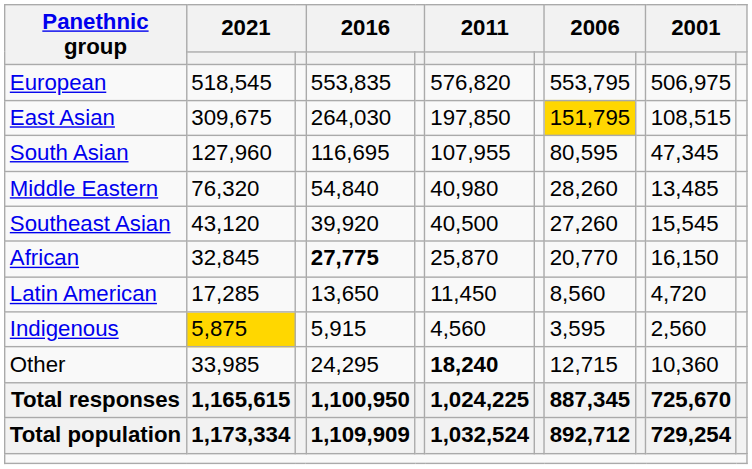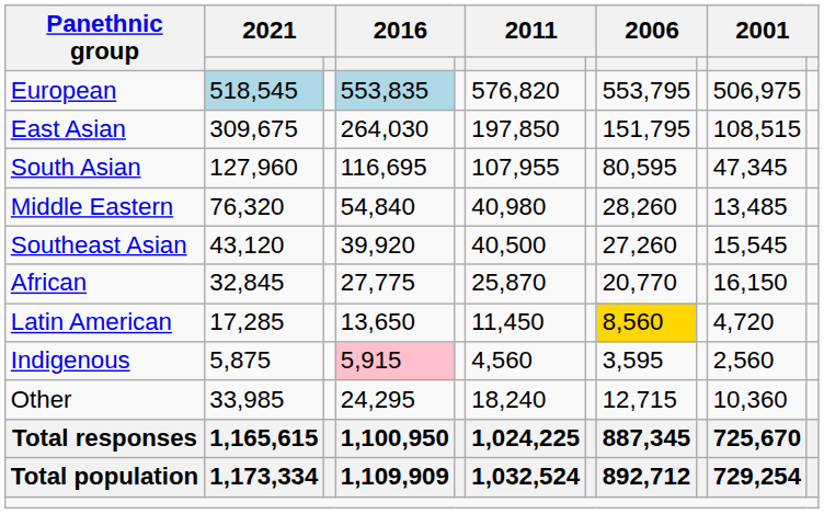 <table class="wikitable collapsible sortable">
 <tr>
 <th rowspan="2"><a href='#'>Panethnic</a><br>group</th>
 <th colspan="2">2021</th>
 <th colspan="2">2016</th>
 <th colspan="2">2011</th>
 <th colspan="2">2006</th>
 <th colspan="2">2001</th>
 </tr>
 <tr>
 <th><a href='#'></a></th>
 <th></th>
 <th></th>
 <th></th>
 <th></th>
 <th></th>
 <th></th>
 <th></th>
 <th></th>
 <th></th>
 </tr>
 <tr>
 <td><a href='#'>European</a></td>
-<td>518,545</td>
+<td style="background: lightblue;">518,545</td>
 <td></td>
-<td>553,835</td>
+<td style="background: lightblue;">553,835</td>
 <td></td>
 <td>576,820</td>
 <td></td>
 <td>553,795</td>
 <td></td>
 <td>506,975</td>
 <td></td>
 </tr>
 <tr>
 <td><a href='#'>East Asian</a></td>
 <td>309,675</td>
 <td></td>
 <td>264,030</td>
 <td></td>
 <td>197,850</td>
 <td></td>
-<td style="background: gold;">151,795</td>
+<td>151,795</td>
 <td></td>
 <td>108,515</td>
 <td></td>
 </tr>
 <tr>
 <td><a href='#'>South Asian</a></td>
 <td>127,960</td>
 <td></td>
 <td>116,695</td>
 <td></td>
 <td>107,955</td>
 <td></td>
 <td>80,595</td>
 <td></td>
 <td>47,345</td>
 <td></td>
 </tr>
 <tr>
 <td><a href='#'>Middle Eastern</a></td>
 <td>76,320</td>
 <td></td>
 <td>54,840</td>
 <td></td>
 <td>40,980</td>
 <td></td>
 <td>28,260</td>
 <td></td>
 <td>13,485</td>
 <td></td>
 </tr>
 <tr>
 <td><a href='#'>Southeast Asian</a></td>
 <td>43,120</td>
 <td></td>
 <td>39,920</td>
 <td></td>
 <td>40,500</td>
 <td></td>
 <td>27,260</td>
 <td></td>
 <td>15,545</td>
 <td></td>
 </tr>
 <tr>
 <td><a href='#'>African</a></td>
 <td>32,845</td>
 <td></td>
-<td><strong>27,775</strong></td>
+<td>27,775</td>
 <td></td>
 <td>25,870</td>
 <td></td>
 <td>20,770</td>
 <td></td>
 <td>16,150</td>
 <td></td>
 </tr>
 <tr>
 <td><a href='#'>Latin American</a></td>
 <td>17,285</td>
 <td></td>
 <td>13,650</td>
 <td></td>
 <td>11,450</td>
 <td></td>
-<td>8,560</td>
+<td style="background: gold;">8,560</td>
 <td></td>
 <td>4,720</td>
 <td></td>
 </tr>
 <tr>
 <td><a href='#'>Indigenous</a></td>
-<td style="background: gold;">5,875</td>
+<td>5,875</td>
 <td></td>
-<td>5,915</td>
+<td style="background: pink;">5,915</td>
 <td></td>
 <td>4,560</td>
 <td></td>
 <td>3,595</td>
 <td></td>
 <td>2,560</td>
 <td></td>
 </tr>
 <tr>
 <td>Other</td>
 <td>33,985</td>
 <td></td>
 <td>24,295</td>
 <td></td>
-<td><strong>18,240</strong></td>
+<td>18,240</td>
 <td></td>
 <td>12,715</td>
 <td></td>
 <td>10,360</td>
 <td></td>
 </tr>
 <tr>
 <th>Total responses</th>
 <th>1,165,615</th>
 <th></th>
 <th>1,100,950</th>
 <th></th>
 <th>1,024,225</th>
 <th></th>
 <th>887,345</th>
 <th></th>
 <th>725,670</th>
 <th></th>
 </tr>
 <tr>
 <th>Total population</th>
 <th>1,173,334</th>
 <th></th>
 <th>1,109,909</th>
 <th></th>
 <th>1,032,524</th>
 <th></th>
 <th>892,712</th>
 <th></th>
 <th>729,254</th>
 <th></th>
 </tr>
 <tr class="sortbottom">
 <td colspan="15"></td>
 </tr>
 </table>
